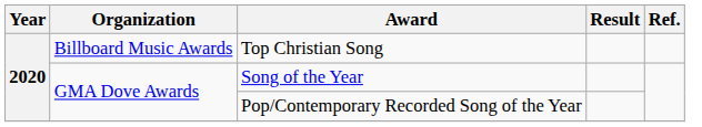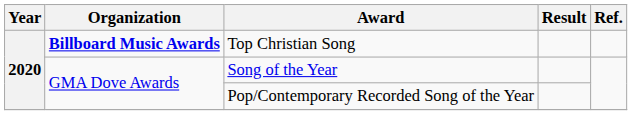 <table class="wikitable plainrowheaders">
 <tr>
 <th>Year</th>
 <th>Organization</th>
 <th>Award</th>
 <th>Result</th>
 <th>Ref.</th>
 </tr>
 <tr>
 <th rowspan="3" scope="row">2020</th>
-<td rowspan="1"><a href='#'>Billboard Music Awards</a></td>
+<td rowspan="1"><strong><a href='#'>Billboard Music Awards</a></strong></td>
 <td>Top Christian Song</td>
 <td></td>
 <td style="text-align:center;"></td>
 </tr>
 <tr>
 <td rowspan="2"><a href='#'>GMA Dove Awards</a></td>
 <td><a href='#'>Song of the Year</a></td>
 <td></td>
 <td rowspan="2"></td>
 </tr>
 <tr>
 <td>Pop/Contemporary Recorded Song of the Year</td>
 <td></td>
 </tr>
 <tr>
 </tr>
 </table>
